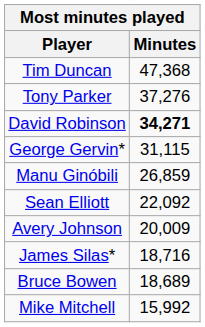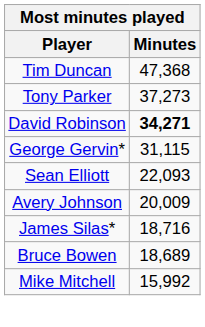 <table class="wikitable sortable" style="text-align:center">
 <tr>
 <th colspan="2">Most minutes played</th>
 </tr>
 <tr>
 <th>Player</th>
 <th>Minutes</th>
 </tr>
 <tr>
 <td><a href='#'>Tim Duncan</a></td>
 <td>47,368</td>
 </tr>
 <tr>
 <td><a href='#'>Tony Parker</a></td>
-<td>37,276</td>
+<td>37,273</td>
 </tr>
 <tr>
 <td><a href='#'>David Robinson</a></td>
 <td><strong>34,271</strong></td>
 </tr>
 <tr>
 <td><a href='#'>George Gervin</a>*</td>
 <td>31,115</td>
 </tr>
 <tr>
-<td><a href='#'>Manu Ginóbili</a></td>
-<td>26,859</td>
-</tr>
-<tr>
 <td><a href='#'>Sean Elliott</a></td>
-<td>22,092</td>
+<td>22,093</td>
 </tr>
 <tr>
 <td><a href='#'>Avery Johnson</a></td>
 <td>20,009</td>
 </tr>
 <tr>
 <td><a href='#'>James Silas</a>*</td>
 <td>18,716</td>
 </tr>
 <tr>
 <td><a href='#'>Bruce Bowen</a></td>
 <td>18,689</td>
 </tr>
 <tr>
 <td><a href='#'>Mike Mitchell</a></td>
 <td>15,992</td>
 </tr>
 </table>
